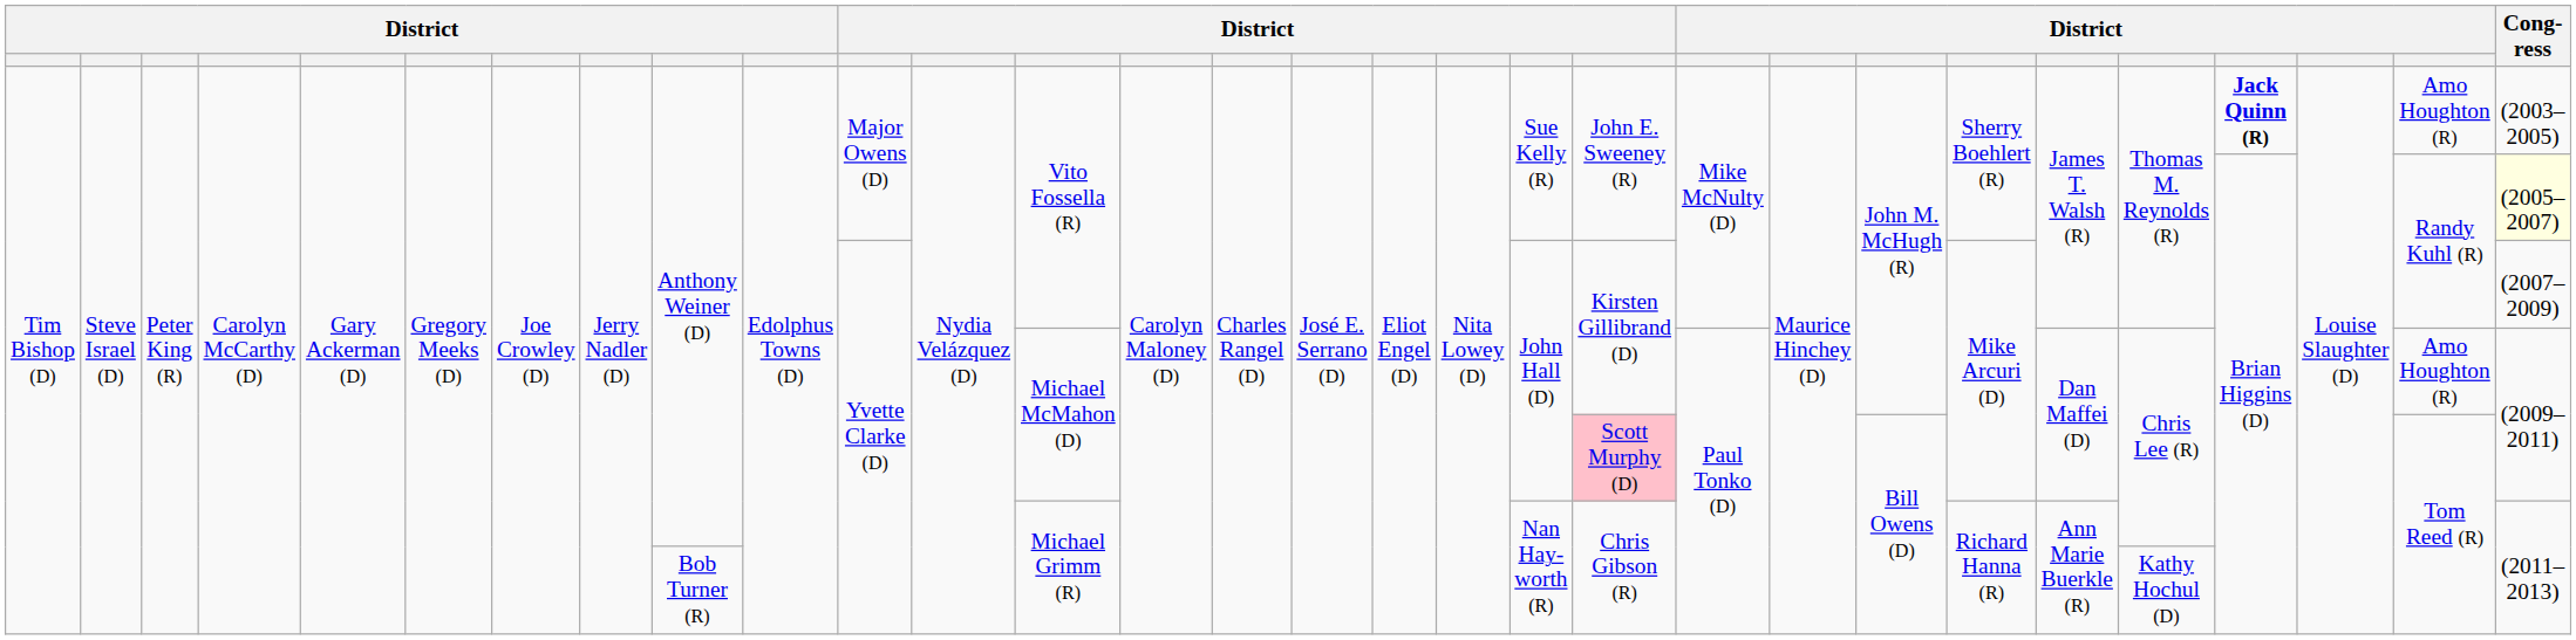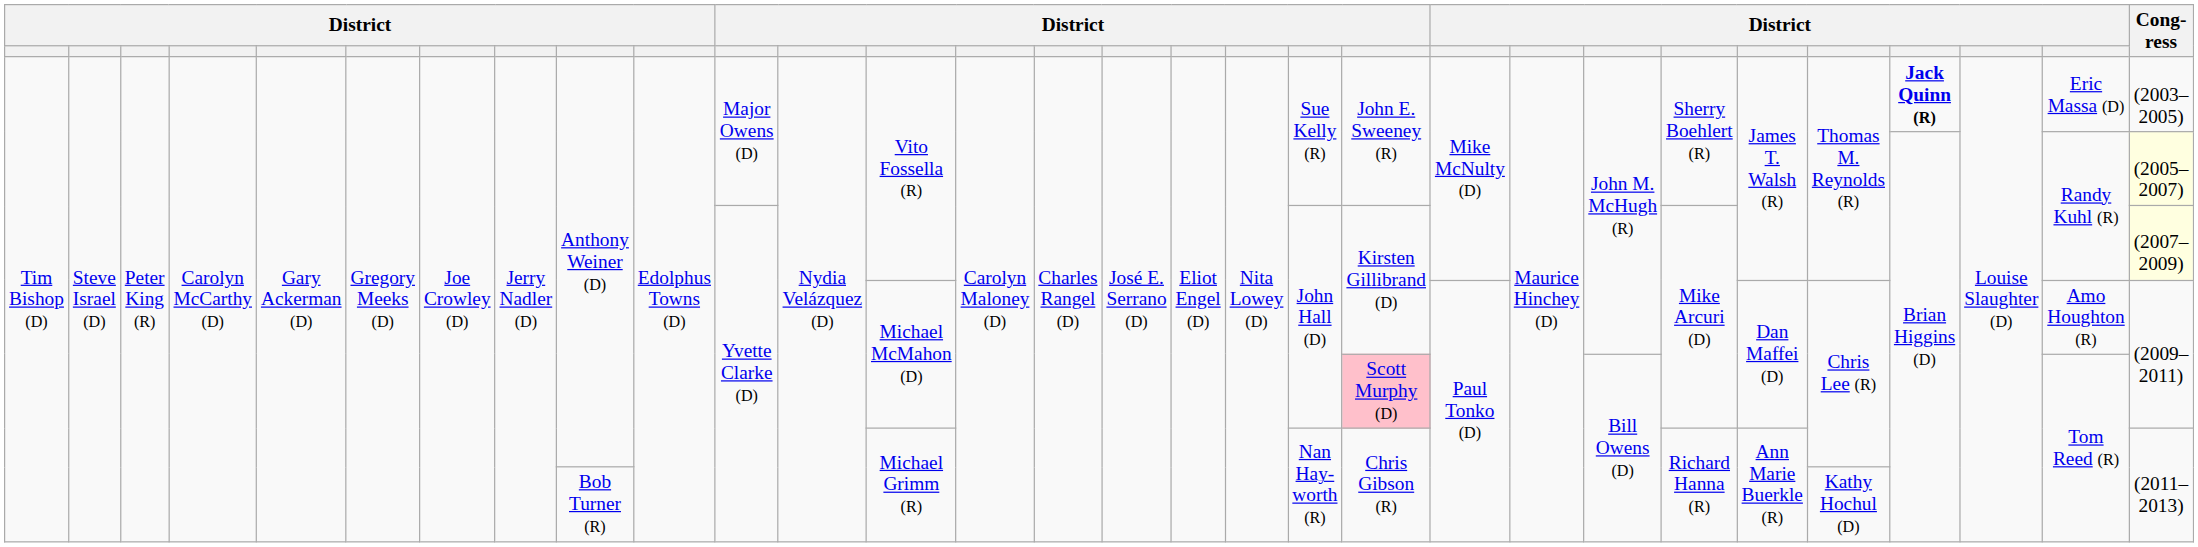 <table class=wikitable style="text-align:center">
 <tr>
 <th colspan=10>District</th>
 <th colspan=10>District</th>
 <th colspan=9>District</th>
 <th rowspan=2>Cong­ress</th>
 </tr>
 <tr>
 <th></th>
 <th></th>
 <th></th>
 <th></th>
 <th></th>
 <th></th>
 <th></th>
 <th></th>
 <th></th>
 <th></th>
 <th></th>
 <th></th>
 <th></th>
 <th></th>
 <th></th>
 <th></th>
 <th></th>
 <th></th>
 <th></th>
 <th></th>
 <th></th>
 <th></th>
 <th></th>
 <th></th>
 <th></th>
 <th></th>
 <th></th>
 <th></th>
 <th></th>
 </tr>
 <tr style="height:2em">
 <td rowspan=7 ><a href='#'>Tim<br>Bishop</a><br><small>(D)</small></td>
 <td rowspan=7 ><a href='#'>Steve<br>Israel</a><br><small>(D)</small></td>
 <td rowspan=7 ><a href='#'>Peter<br>King</a><br><small>(R)</small></td>
 <td rowspan=7 ><a href='#'>Carolyn<br>McCarthy</a><br><small>(D)</small></td>
 <td rowspan=7 ><a href='#'>Gary<br>Ackerman</a><br><small>(D)</small></td>
 <td rowspan=7 ><a href='#'>Gregory<br>Meeks</a><br><small>(D)</small></td>
 <td rowspan=7 ><a href='#'>Joe<br>Crowley</a><br><small>(D)</small></td>
 <td rowspan=7 ><a href='#'>Jerry<br>Nadler</a><br><small>(D)</small></td>
 <td rowspan=6 ><a href='#'>Anthony<br>Weiner</a> <small>(D)</small></td>
 <td rowspan=7 ><a href='#'>Edolphus<br>Towns</a><br><small>(D)</small></td>
 <td rowspan=2 ><a href='#'>Major<br>Owens</a><br><small>(D)</small></td>
 <td rowspan=7 ><a href='#'>Nydia<br>Velázquez</a><br><small>(D)</small></td>
 <td rowspan=3 ><a href='#'>Vito<br>Fossella</a> <small>(R)</small></td>
 <td rowspan=7 ><a href='#'>Carolyn<br>Maloney</a><br><small>(D)</small></td>
 <td rowspan=7 ><a href='#'>Charles<br>Rangel</a><br><small>(D)</small></td>
 <td rowspan=7 ><a href='#'>José E.<br>Serrano</a><br><small>(D)</small></td>
 <td rowspan=7 ><a href='#'>Eliot<br>Engel</a><br><small>(D)</small></td>
 <td rowspan=7 ><a href='#'>Nita<br>Lowey</a><br><small>(D)</small></td>
 <td rowspan=2 ><a href='#'>Sue<br>Kelly</a> <small>(R)</small></td>
 <td rowspan=2 ><a href='#'>John E.<br>Sweeney</a> <small>(R)</small></td>
 <td rowspan=3 ><a href='#'>Mike<br>McNulty</a><br><small>(D)</small></td>
 <td rowspan=7 ><a href='#'>Maurice<br>Hinchey</a><br><small>(D)</small></td>
 <td rowspan=4 ><a href='#'>John M.<br>McHugh</a><br><small>(R)</small></td>
 <td rowspan=2 ><a href='#'>Sherry<br>Boehlert</a><br><small>(R)</small></td>
 <td rowspan=3 ><a href='#'>James T.<br>Walsh</a> <small>(R)</small></td>
 <td rowspan=3 ><a href='#'>Thomas M.<br>Reynolds</a> <small>(R)</small></td>
 <td><strong><a href='#'>Jack<br>Quinn</a> <small>(R)</small></strong></td>
 <td rowspan=7 ><a href='#'>Louise<br>Slaughter</a><br><small>(D)</small></td>
-<td><a href='#'>Amo<br>Houghton</a> <small>(R)</small></td>
+<td><a href='#'>Eric Massa</a> <small>(D)</small></td>
 <td><strong></strong><br>(2003–2005)</td>
 </tr>
 <tr style="height:2em">
 <td rowspan=6 ><a href='#'>Brian<br>Higgins</a><br><small>(D)</small></td>
 <td rowspan=2 ><a href='#'>Randy<br>Kuhl</a> <small>(R)</small></td>
 <td style="background: lightyellow;"><strong></strong><br>(2005–2007)</td>
 </tr>
 <tr style="height:2em">
 <td rowspan=5 ><a href='#'>Yvette<br>Clarke</a><br><small>(D)</small></td>
 <td rowspan=3 ><a href='#'>John<br>Hall</a> <small>(D)</small></td>
 <td rowspan=2 ><a href='#'>Kirsten<br>Gillibrand</a> <small>(D)</small></td>
 <td rowspan=3 ><a href='#'>Mike<br>Arcuri</a><br><small>(D)</small></td>
-<td><strong></strong><br>(2007–2009)</td>
+<td style="background: lightyellow;"><strong></strong><br>(2007–2009)</td>
 </tr>
 <tr style="height:2em">
 <td rowspan=2 ><a href='#'>Michael<br>McMahon</a> <small>(D)</small></td>
 <td rowspan=4 ><a href='#'>Paul<br>Tonko</a><br><small>(D)</small></td>
 <td rowspan=2 ><a href='#'>Dan<br>Maffei</a> <small>(D)</small></td>
 <td rowspan=3 ><a href='#'>Chris Lee</a> <small>(R)</small></td>
 <td><a href='#'>Amo<br>Houghton</a> <small>(R)</small></td>
 <td rowspan=2><strong></strong><br>(2009–2011)</td>
 </tr>
 <tr style="height:2em">
 <td style="background: pink;"><a href='#'>Scott Murphy</a> <small>(D)</small></td>
 <td rowspan=3 ><a href='#'>Bill<br>Owens</a><br><small>(D)</small></td>
 <td rowspan=3 ><a href='#'>Tom Reed</a> <small>(R)</small></td>
 </tr>
 <tr style="height:2em">
 <td rowspan=2 ><a href='#'>Michael<br>Grimm</a> <small>(R)</small></td>
 <td rowspan=2 ><a href='#'>Nan Hay-<br>worth</a> <small>(R)</small></td>
 <td rowspan=2 ><a href='#'>Chris Gibson</a> <small>(R)</small></td>
 <td rowspan=2 ><a href='#'>Richard<br>Hanna</a> <small>(R)</small></td>
 <td rowspan=2 ><a href='#'>Ann Marie<br>Buerkle</a> <small>(R)</small></td>
 <td rowspan=2><strong></strong><br>(2011–2013)</td>
 </tr>
 <tr style="height:2em">
 <td><a href='#'>Bob Turner</a> <small>(R)</small></td>
 <td><a href='#'>Kathy Hochul</a> <small>(D)</small></td>
 </tr>
 </table>
